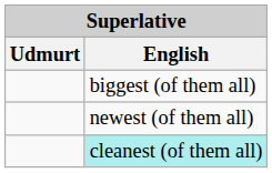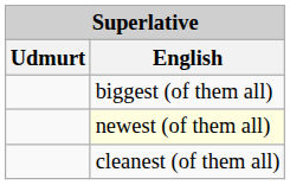 <table class="wikitable">
 <tr>
 <th colspan="4" style="background:#cfcfcf;">Superlative</th>
 </tr>
 <tr style="background:#dfdfdf;" |>
 <th>Udmurt</th>
 <th>English</th>
 </tr>
 <tr>
 <td></td>
 <td>biggest (of them all)</td>
 </tr>
 <tr>
 <td></td>
-<td>newest (of them all)</td>
+<td style="background: lightyellow;">newest (of them all)</td>
 </tr>
 <tr>
 <td></td>
-<td style="background: paleturquoise;">cleanest (of them all)</td>
+<td>cleanest (of them all)</td>
 </tr>
 </table>
